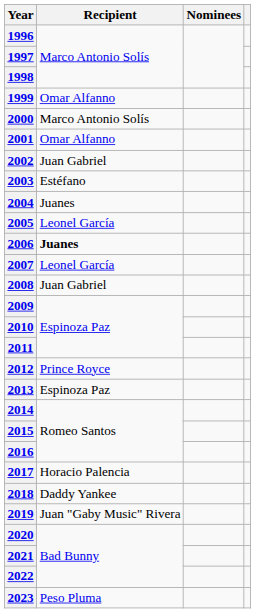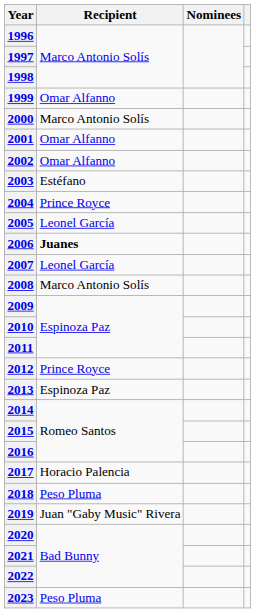 <table class="wikitable">
 <tr>
 <th>Year</th>
 <th>Recipient</th>
 <th>Nominees</th>
 <th></th>
 </tr>
 <tr>
 <th scope="row"><a href='#'>1996</a></th>
 <td rowspan="3"><a href='#'>Marco Antonio Solís</a></td>
 <td rowspan="3"></td>
 <td></td>
 </tr>
 <tr>
 <th scope="row"><a href='#'>1997</a></th>
 <td></td>
 </tr>
 <tr>
 <th scope="row"><a href='#'>1998</a></th>
 <td></td>
 </tr>
 <tr>
 <th scope="row"><a href='#'>1999</a></th>
 <td><a href='#'>Omar Alfanno</a></td>
 <td></td>
 </tr>
 <tr>
 <th scope="row"><a href='#'>2000</a></th>
 <td>Marco Antonio Solís</td>
 <td></td>
 <td></td>
 </tr>
 <tr>
 <th scope="row"><a href='#'>2001</a></th>
 <td><a href='#'>Omar Alfanno</a></td>
 <td></td>
 <td></td>
 </tr>
 <tr>
 <th scope="row"><a href='#'>2002</a></th>
-<td>Juan Gabriel</td>
+<td><a href='#'>Omar Alfanno</a></td>
 <td></td>
 <td></td>
 </tr>
 <tr>
 <th scope="row"><a href='#'>2003</a></th>
 <td>Estéfano</td>
 <td></td>
 <td><br></td>
 </tr>
 <tr>
 <th scope="row"><a href='#'>2004</a></th>
-<td>Juanes</td>
+<td><a href='#'>Prince Royce</a></td>
 <td></td>
 <td><br></td>
 </tr>
 <tr>
 <th scope="row"><a href='#'>2005</a></th>
 <td><a href='#'>Leonel García</a></td>
 <td></td>
 <td><br></td>
 </tr>
 <tr>
 <th scope="row"><a href='#'>2006</a></th>
 <td><strong>Juanes</strong></td>
 <td></td>
 <td><br></td>
 </tr>
 <tr>
 <th scope="row"><a href='#'>2007</a></th>
 <td><a href='#'>Leonel García</a></td>
 <td></td>
 <td><br></td>
 </tr>
 <tr>
 <th scope="row"><a href='#'>2008</a></th>
-<td>Juan Gabriel</td>
+<td>Marco Antonio Solís</td>
 <td></td>
 <td><br></td>
 </tr>
 <tr>
 <th scope="row"><a href='#'>2009</a></th>
 <td rowspan="3"><a href='#'>Espinoza Paz</a></td>
 <td></td>
 <td><br></td>
 </tr>
 <tr>
 <th scope="row"><a href='#'>2010</a></th>
 <td></td>
 <td></td>
 </tr>
 <tr>
 <th scope="row"><a href='#'>2011</a></th>
 <td></td>
 <td><br></td>
 </tr>
 <tr>
 <th scope="row"><a href='#'>2012</a></th>
 <td><a href='#'>Prince Royce</a></td>
 <td></td>
 <td><br></td>
 </tr>
 <tr>
 <th scope="row"><a href='#'>2013</a></th>
 <td>Espinoza Paz</td>
 <td></td>
 <td></td>
 </tr>
 <tr>
 <th scope="row"><a href='#'>2014</a></th>
 <td rowspan="3">Romeo Santos</td>
 <td></td>
 <td><br></td>
 </tr>
 <tr>
 <th scope="row"><a href='#'>2015</a></th>
 <td></td>
 <td><br></td>
 </tr>
 <tr>
 <th scope="row"><a href='#'>2016</a></th>
 <td></td>
 <td></td>
 </tr>
 <tr>
 <th scope="row"><a href='#'>2017</a></th>
 <td>Horacio Palencia</td>
 <td></td>
 <td></td>
 </tr>
 <tr>
 <th scope="row"><a href='#'>2018</a></th>
-<td>Daddy Yankee</td>
+<td><a href='#'>Peso Pluma</a></td>
 <td></td>
 <td></td>
 </tr>
 <tr>
 <th scope="row"><a href='#'>2019</a></th>
 <td>Juan "Gaby Music" Rivera</td>
 <td></td>
 <td></td>
 </tr>
 <tr>
 <th scope="row"><a href='#'>2020</a></th>
 <td rowspan="3"><a href='#'>Bad Bunny</a></td>
 <td></td>
 <td></td>
 </tr>
 <tr>
 <th scope="row"><a href='#'>2021</a></th>
 <td></td>
 <td></td>
 </tr>
 <tr>
 <th scope="row"><a href='#'>2022</a></th>
 <td></td>
 <td></td>
 </tr>
 <tr>
 <th scope="row"><a href='#'>2023</a></th>
 <td><a href='#'>Peso Pluma</a></td>
 <td></td>
 <td></td>
 </tr>
 </table>
